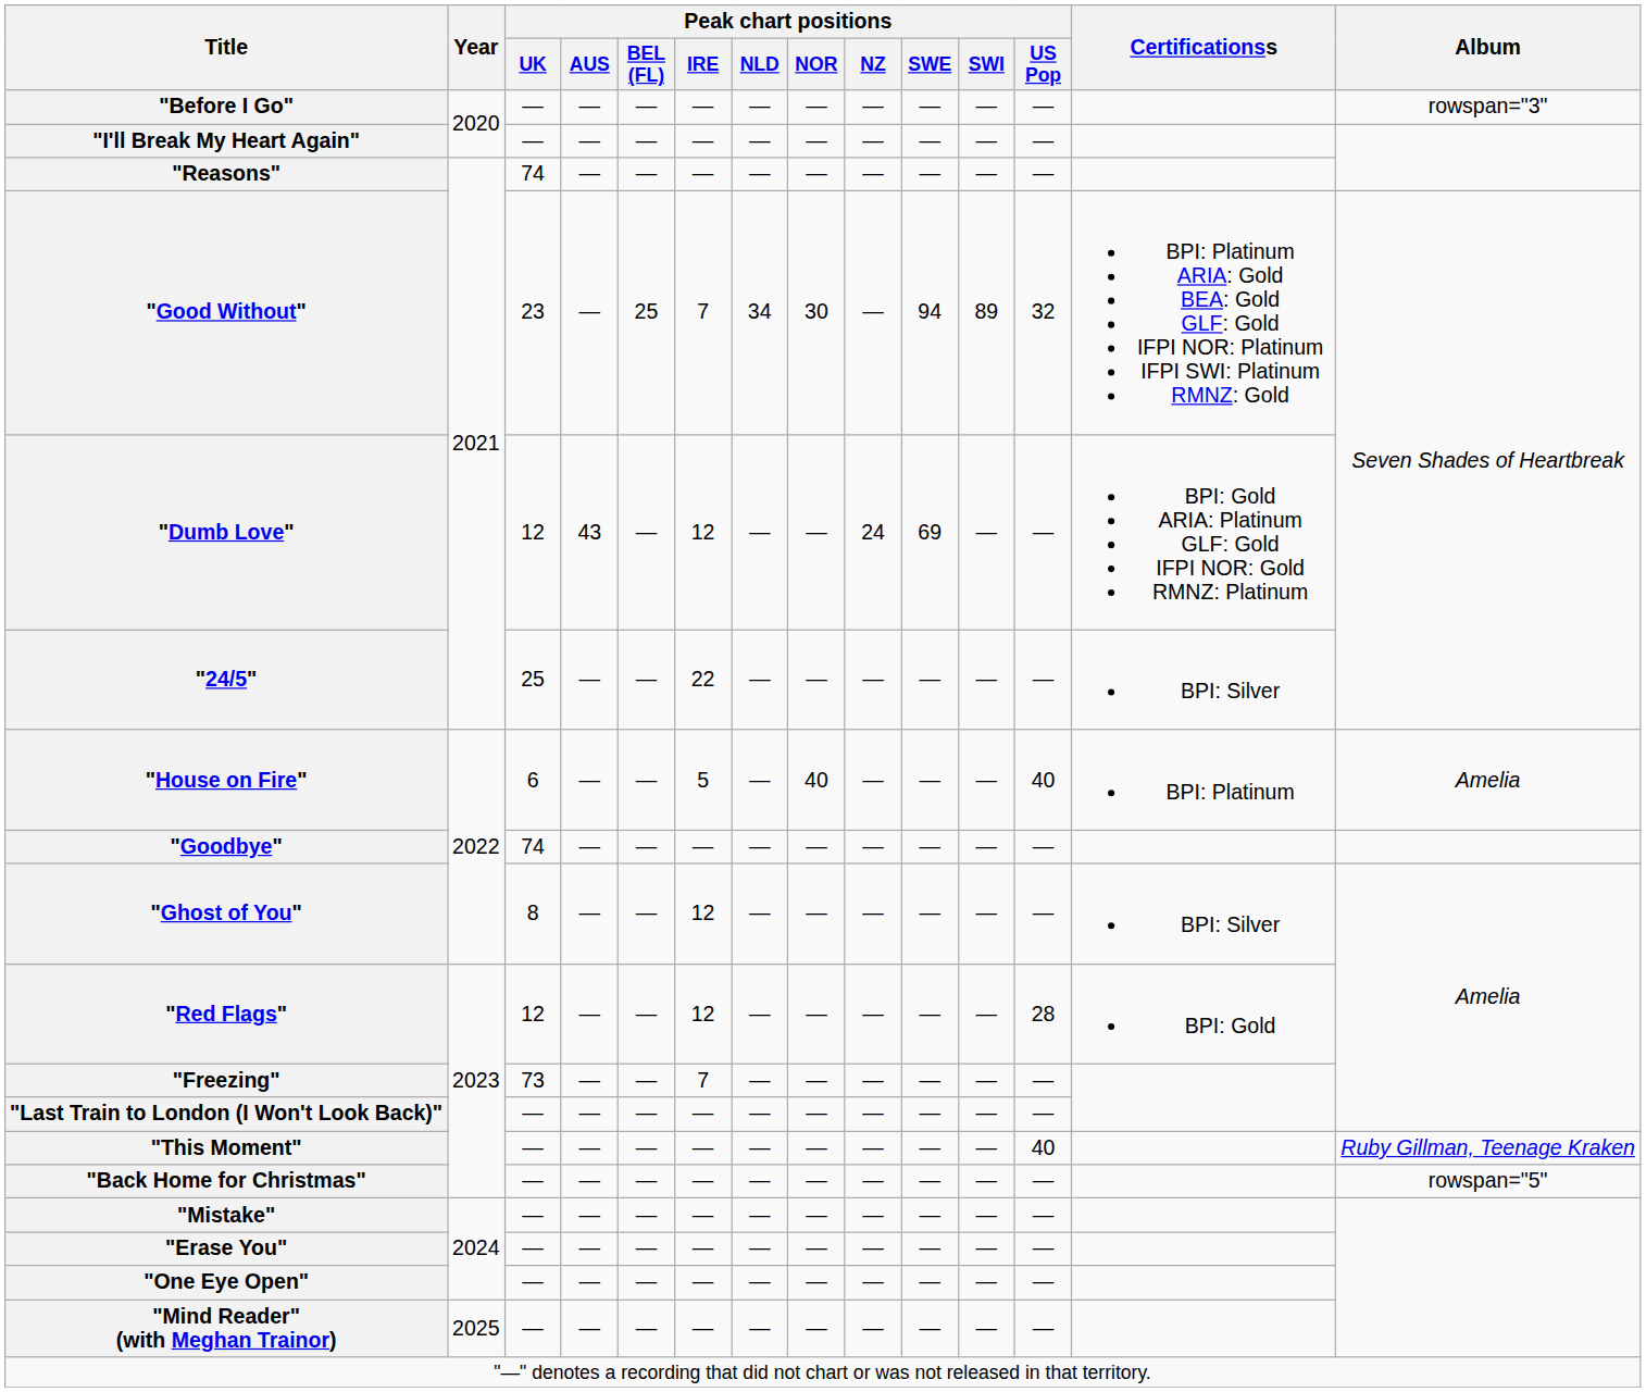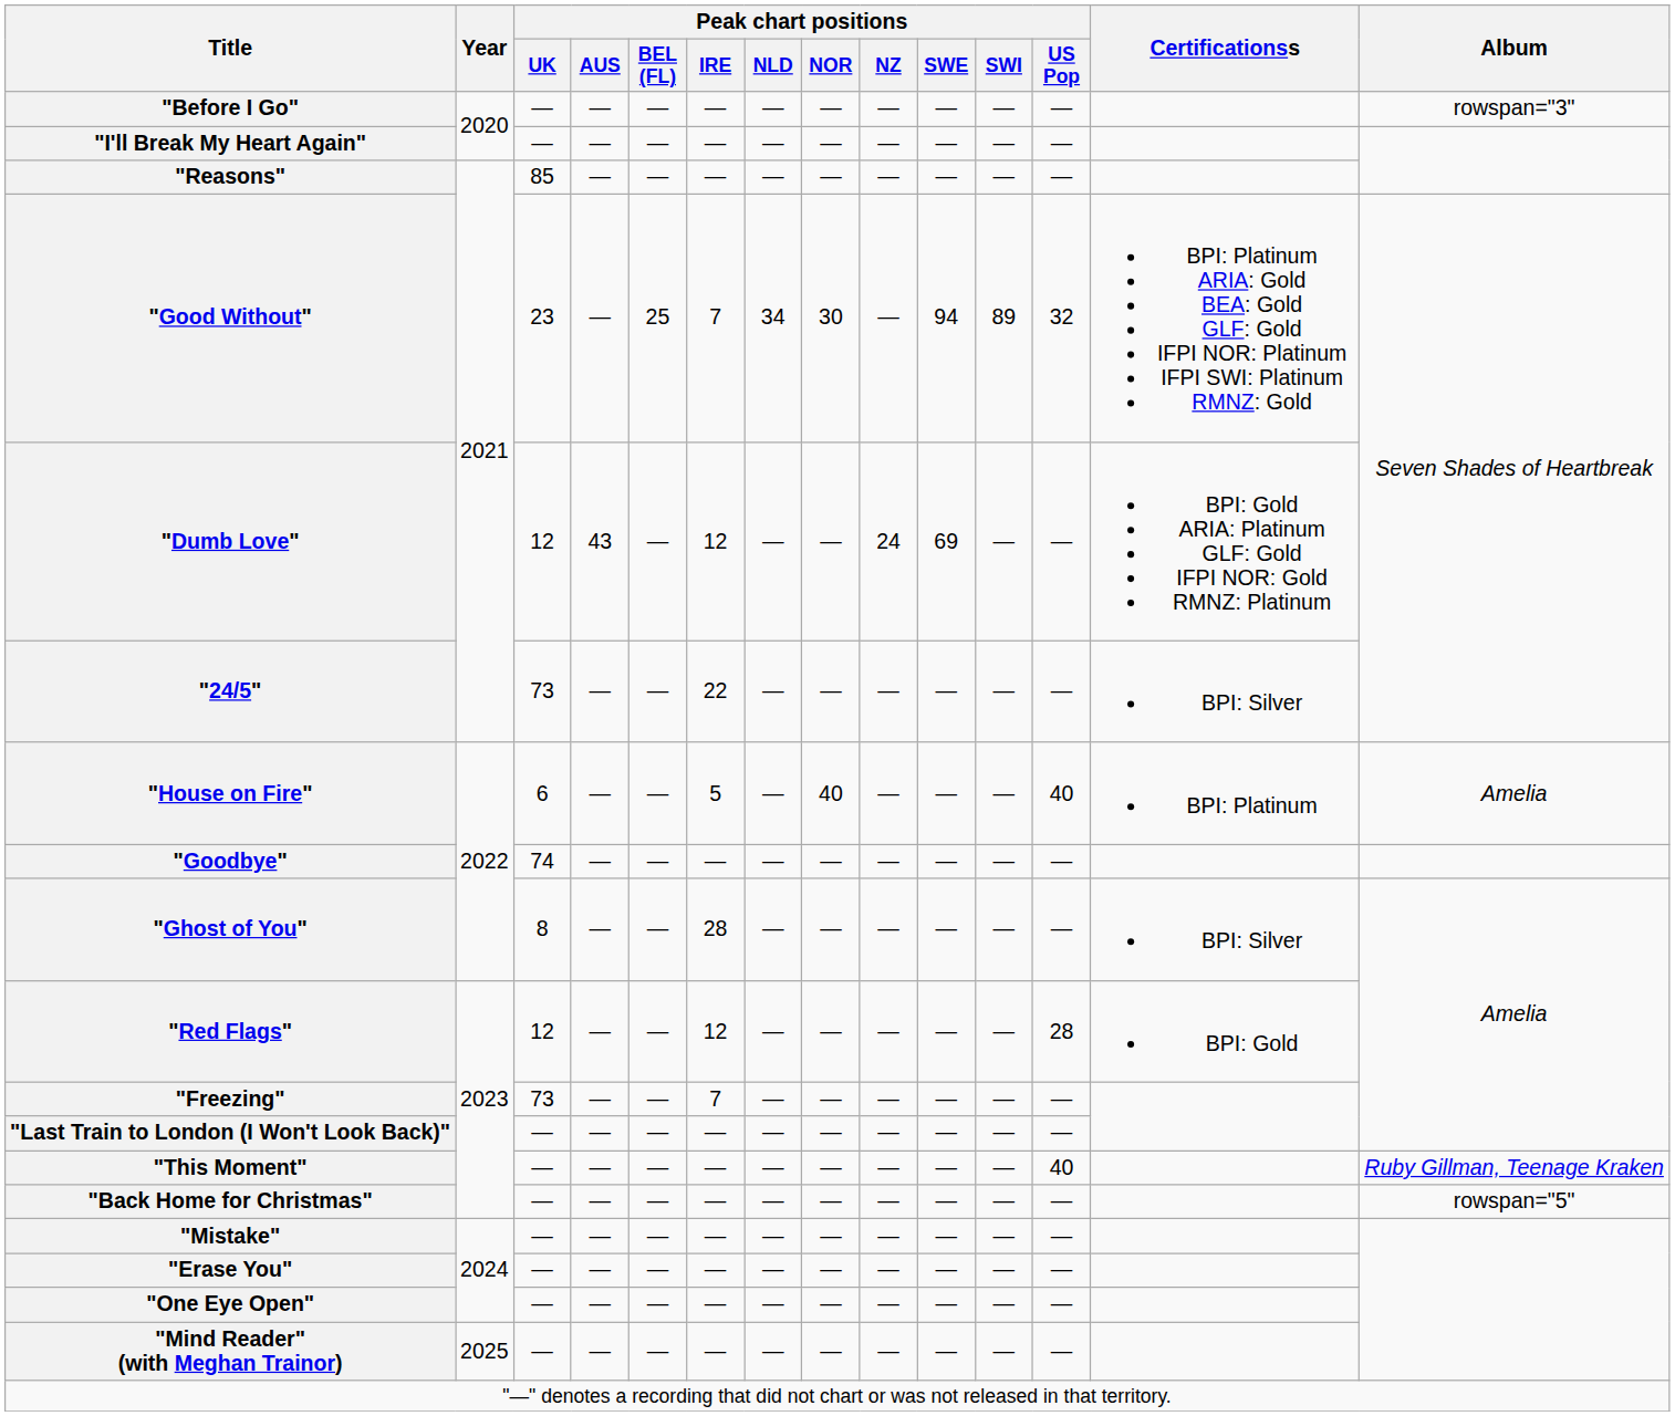 <table class="wikitable plainrowheaders" style="text-align:center">
 <tr>
 <th rowspan="2">Title</th>
 <th rowspan="2">Year</th>
 <th colspan="10">Peak chart positions</th>
 <th rowspan="2" style="width:12em;"><a href='#'>Certifications</a>s</th>
 <th rowspan="2">Album</th>
 </tr>
 <tr>
 <th scope="col" style="width:2.5em;font-size:90%;"><a href='#'>UK</a><br></th>
 <th scope="col" style="width:2.5em;font-size:90%;"><a href='#'>AUS</a><br></th>
 <th scope="col" style="width:2.5em;font-size:90%;"><a href='#'>BEL<br>(FL)</a><br></th>
 <th scope="col" style="width:2.5em;font-size:90%;"><a href='#'>IRE</a><br></th>
 <th scope="col" style="width:2.5em;font-size:90%;"><a href='#'>NLD</a><br></th>
 <th scope="col" style="width:2.5em;font-size:90%;"><a href='#'>NOR</a><br></th>
 <th scope="col" style="width:2.5em;font-size:90%;"><a href='#'>NZ</a><br></th>
 <th scope="col" style="width:2.5em;font-size:90%;"><a href='#'>SWE</a><br></th>
 <th scope="col" style="width:2.5em;font-size:90%;"><a href='#'>SWI</a><br></th>
 <th scope="col" style="width:2.5em;font-size:90%;"><a href='#'>US<br>Pop</a><br></th>
 </tr>
 <tr>
 <th scope="row">"Before I Go"</th>
 <td rowspan="2">2020</td>
 <td>—</td>
 <td>—</td>
 <td>—</td>
 <td>—</td>
 <td>—</td>
 <td>—</td>
 <td>—</td>
 <td>—</td>
 <td>—</td>
 <td>—</td>
 <td></td>
 <td>rowspan="3" </td>
 </tr>
 <tr>
 <th scope="row">"I'll Break My Heart Again"</th>
 <td>—</td>
 <td>—</td>
 <td>—</td>
 <td>—</td>
 <td>—</td>
 <td>—</td>
 <td>—</td>
 <td>—</td>
 <td>—</td>
 <td>—</td>
 <td></td>
 </tr>
 <tr>
 <th scope="row">"Reasons"</th>
 <td rowspan="4">2021</td>
-<td>74</td>
+<td>85</td>
 <td>—</td>
 <td>—</td>
 <td>—</td>
 <td>—</td>
 <td>—</td>
 <td>—</td>
 <td>—</td>
 <td>—</td>
 <td>—</td>
 <td></td>
 </tr>
 <tr>
 <th scope="row">"<a href='#'>Good Without</a>"</th>
 <td>23</td>
 <td>—</td>
 <td>25</td>
 <td>7</td>
 <td>34</td>
 <td>30</td>
 <td>—</td>
 <td>94</td>
 <td>89</td>
 <td>32</td>
 <td><br><ul><li>BPI: Platinum</li><li><a href='#'>ARIA</a>: Gold</li><li><a href='#'>BEA</a>: Gold</li><li><a href='#'>GLF</a>: Gold</li><li>IFPI NOR: Platinum</li><li>IFPI SWI: Platinum</li><li><a href='#'>RMNZ</a>: Gold</li></ul></td>
 <td rowspan="3"><em>Seven Shades of Heartbreak</em></td>
 </tr>
 <tr>
 <th scope="row">"<a href='#'>Dumb Love</a>"</th>
 <td>12</td>
 <td>43</td>
 <td>—</td>
 <td>12</td>
 <td>—</td>
 <td>—</td>
 <td>24</td>
 <td>69</td>
 <td>—</td>
 <td>—</td>
 <td><br><ul><li>BPI: Gold</li><li>ARIA: Platinum</li><li>GLF: Gold</li><li>IFPI NOR: Gold</li><li>RMNZ: Platinum</li></ul></td>
 </tr>
 <tr>
 <th scope="row">"<a href='#'>24/5</a>"</th>
-<td>25</td>
+<td>73</td>
 <td>—</td>
 <td>—</td>
 <td>22</td>
 <td>—</td>
 <td>—</td>
 <td>—</td>
 <td>—</td>
 <td>—</td>
 <td>—</td>
 <td><br><ul><li>BPI: Silver</li></ul></td>
 </tr>
 <tr>
 <th scope="row">"<a href='#'>House on Fire</a>"</th>
 <td rowspan="3">2022</td>
 <td>6</td>
 <td>—</td>
 <td>—</td>
 <td>5</td>
 <td>—</td>
 <td>40</td>
 <td>—</td>
 <td>—</td>
 <td>—</td>
 <td>40</td>
 <td><br><ul><li>BPI: Platinum</li></ul></td>
 <td><em>Amelia</em></td>
 </tr>
 <tr>
 <th scope="row">"<a href='#'>Goodbye</a>"</th>
 <td>74</td>
 <td>—</td>
 <td>—</td>
 <td>—</td>
 <td>—</td>
 <td>—</td>
 <td>—</td>
 <td>—</td>
 <td>—</td>
 <td>—</td>
 <td></td>
 <td></td>
 </tr>
 <tr>
 <th scope="row">"<a href='#'>Ghost of You</a>"</th>
 <td>8</td>
 <td>—</td>
 <td>—</td>
-<td>12</td>
+<td>28</td>
 <td>—</td>
 <td>—</td>
 <td>—</td>
 <td>—</td>
 <td>—</td>
 <td>—</td>
 <td><br><ul><li>BPI: Silver</li></ul></td>
 <td rowspan="4"><em>Amelia</em></td>
 </tr>
 <tr>
 <th scope="row">"<a href='#'>Red Flags</a>"</th>
 <td rowspan="5">2023</td>
 <td>12</td>
 <td>—</td>
 <td>—</td>
 <td>12</td>
 <td>—</td>
 <td>—</td>
 <td>—</td>
 <td>—</td>
 <td>—</td>
 <td>28</td>
 <td><br><ul><li>BPI: Gold</li></ul></td>
 </tr>
 <tr>
 <th scope="row">"Freezing"</th>
 <td>73</td>
 <td>—</td>
 <td>—</td>
 <td>7</td>
 <td>—</td>
 <td>—</td>
 <td>—</td>
 <td>—</td>
 <td>—</td>
 <td>—</td>
 </tr>
 <tr>
 <th scope="row">"Last Train to London (I Won't Look Back)"</th>
 <td>—</td>
 <td>—</td>
 <td>—</td>
 <td>—</td>
 <td>—</td>
 <td>—</td>
 <td>—</td>
 <td>—</td>
 <td>—</td>
 <td>—</td>
 </tr>
 <tr>
 <th scope="row">"This Moment"</th>
 <td>—</td>
 <td>—</td>
 <td>—</td>
 <td>—</td>
 <td>—</td>
 <td>—</td>
 <td>—</td>
 <td>—</td>
 <td>—</td>
 <td>40</td>
 <td></td>
 <td><em><a href='#'>Ruby Gillman, Teenage Kraken</a></em></td>
 </tr>
 <tr>
 <th scope="row">"Back Home for Christmas"</th>
 <td>—</td>
 <td>—</td>
 <td>—</td>
 <td>—</td>
 <td>—</td>
 <td>—</td>
 <td>—</td>
 <td>—</td>
 <td>—</td>
 <td>—</td>
 <td></td>
 <td>rowspan="5" </td>
 </tr>
 <tr>
 <th scope="row">"Mistake"</th>
 <td rowspan="3">2024</td>
 <td>—</td>
 <td>—</td>
 <td>—</td>
 <td>—</td>
 <td>—</td>
 <td>—</td>
 <td>—</td>
 <td>—</td>
 <td>—</td>
 <td>—</td>
 <td></td>
 </tr>
 <tr>
 <th scope="row">"Erase You"</th>
 <td>—</td>
 <td>—</td>
 <td>—</td>
 <td>—</td>
 <td>—</td>
 <td>—</td>
 <td>—</td>
 <td>—</td>
 <td>—</td>
 <td>—</td>
 <td></td>
 </tr>
 <tr>
 <th scope="row">"One Eye Open"</th>
 <td>—</td>
 <td>—</td>
 <td>—</td>
 <td>—</td>
 <td>—</td>
 <td>—</td>
 <td>—</td>
 <td>—</td>
 <td>—</td>
 <td>—</td>
 <td></td>
 </tr>
 <tr>
 <th scope="row">"Mind Reader"<br><span>(with <a href='#'>Meghan Trainor</a>)</span></th>
 <td rowspan="1">2025</td>
 <td>—</td>
 <td>—</td>
 <td>—</td>
 <td>—</td>
 <td>—</td>
 <td>—</td>
 <td>—</td>
 <td>—</td>
 <td>—</td>
 <td>—</td>
 <td></td>
 </tr>
 <tr>
 <td colspan="14" style="font-size:90%">"—" denotes a recording that did not chart or was not released in that territory.</td>
 </tr>
 </table>
